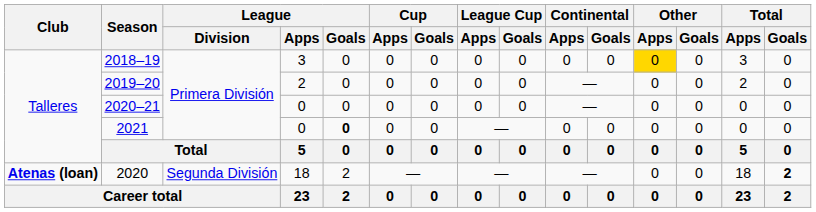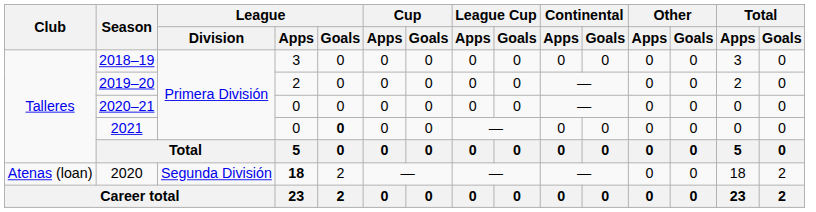 <table class="wikitable" style="text-align:center">
 <tr>
 <th rowspan="2">Club</th>
 <th rowspan="2">Season</th>
 <th colspan="3">League</th>
 <th colspan="2">Cup</th>
 <th colspan="2">League Cup</th>
 <th colspan="2">Continental</th>
 <th colspan="2">Other</th>
 <th colspan="2">Total</th>
 </tr>
 <tr>
 <th>Division</th>
 <th>Apps</th>
 <th>Goals</th>
 <th>Apps</th>
 <th>Goals</th>
 <th>Apps</th>
 <th>Goals</th>
 <th>Apps</th>
 <th>Goals</th>
 <th>Apps</th>
 <th>Goals</th>
 <th>Apps</th>
 <th>Goals</th>
 </tr>
 <tr>
 <td rowspan="5"><a href='#'>Talleres</a></td>
 <td><a href='#'>2018–19</a></td>
 <td rowspan="4"><a href='#'>Primera División</a></td>
 <td>3</td>
 <td>0</td>
 <td>0</td>
 <td>0</td>
 <td>0</td>
 <td>0</td>
 <td>0</td>
 <td>0</td>
-<td style="background: gold;">0</td>
+<td>0</td>
 <td>0</td>
 <td>3</td>
 <td>0</td>
 </tr>
 <tr>
 <td><a href='#'>2019–20</a></td>
 <td>2</td>
 <td>0</td>
 <td>0</td>
 <td>0</td>
 <td>0</td>
 <td>0</td>
 <td colspan="2">—</td>
 <td>0</td>
 <td>0</td>
 <td>2</td>
 <td>0</td>
 </tr>
 <tr>
 <td><a href='#'>2020–21</a></td>
 <td>0</td>
 <td>0</td>
 <td>0</td>
 <td>0</td>
 <td>0</td>
 <td>0</td>
 <td colspan="2">—</td>
 <td>0</td>
 <td>0</td>
 <td>0</td>
 <td>0</td>
 </tr>
 <tr>
 <td><a href='#'>2021</a></td>
 <td>0</td>
 <td><strong>0</strong></td>
 <td>0</td>
 <td>0</td>
 <td colspan="2">—</td>
 <td>0</td>
 <td>0</td>
 <td>0</td>
 <td>0</td>
 <td>0</td>
 <td>0</td>
 </tr>
 <tr>
 <th colspan="2">Total</th>
 <th>5</th>
 <th>0</th>
 <th>0</th>
 <th>0</th>
 <th>0</th>
 <th>0</th>
 <th>0</th>
 <th>0</th>
 <th>0</th>
 <th>0</th>
 <th>5</th>
 <th>0</th>
 </tr>
 <tr>
-<td rowspan="1"><strong><a href='#'>Atenas</a> (loan)</strong></td>
+<td rowspan="1"><a href='#'>Atenas</a> (loan)</td>
 <td>2020</td>
 <td rowspan="1"><a href='#'>Segunda División</a></td>
-<td>18</td>
+<td><strong>18</strong></td>
 <td>2</td>
 <td colspan="2">—</td>
 <td colspan="2">—</td>
 <td colspan="2">—</td>
 <td>0</td>
 <td>0</td>
 <td>18</td>
-<td><strong>2</strong></td>
+<td>2</td>
 </tr>
 <tr>
 <th colspan="3">Career total</th>
 <th>23</th>
 <th>2</th>
 <th>0</th>
 <th>0</th>
 <th>0</th>
 <th>0</th>
 <th>0</th>
 <th>0</th>
 <th>0</th>
 <th>0</th>
 <th>23</th>
 <th>2</th>
 </tr>
 </table>
